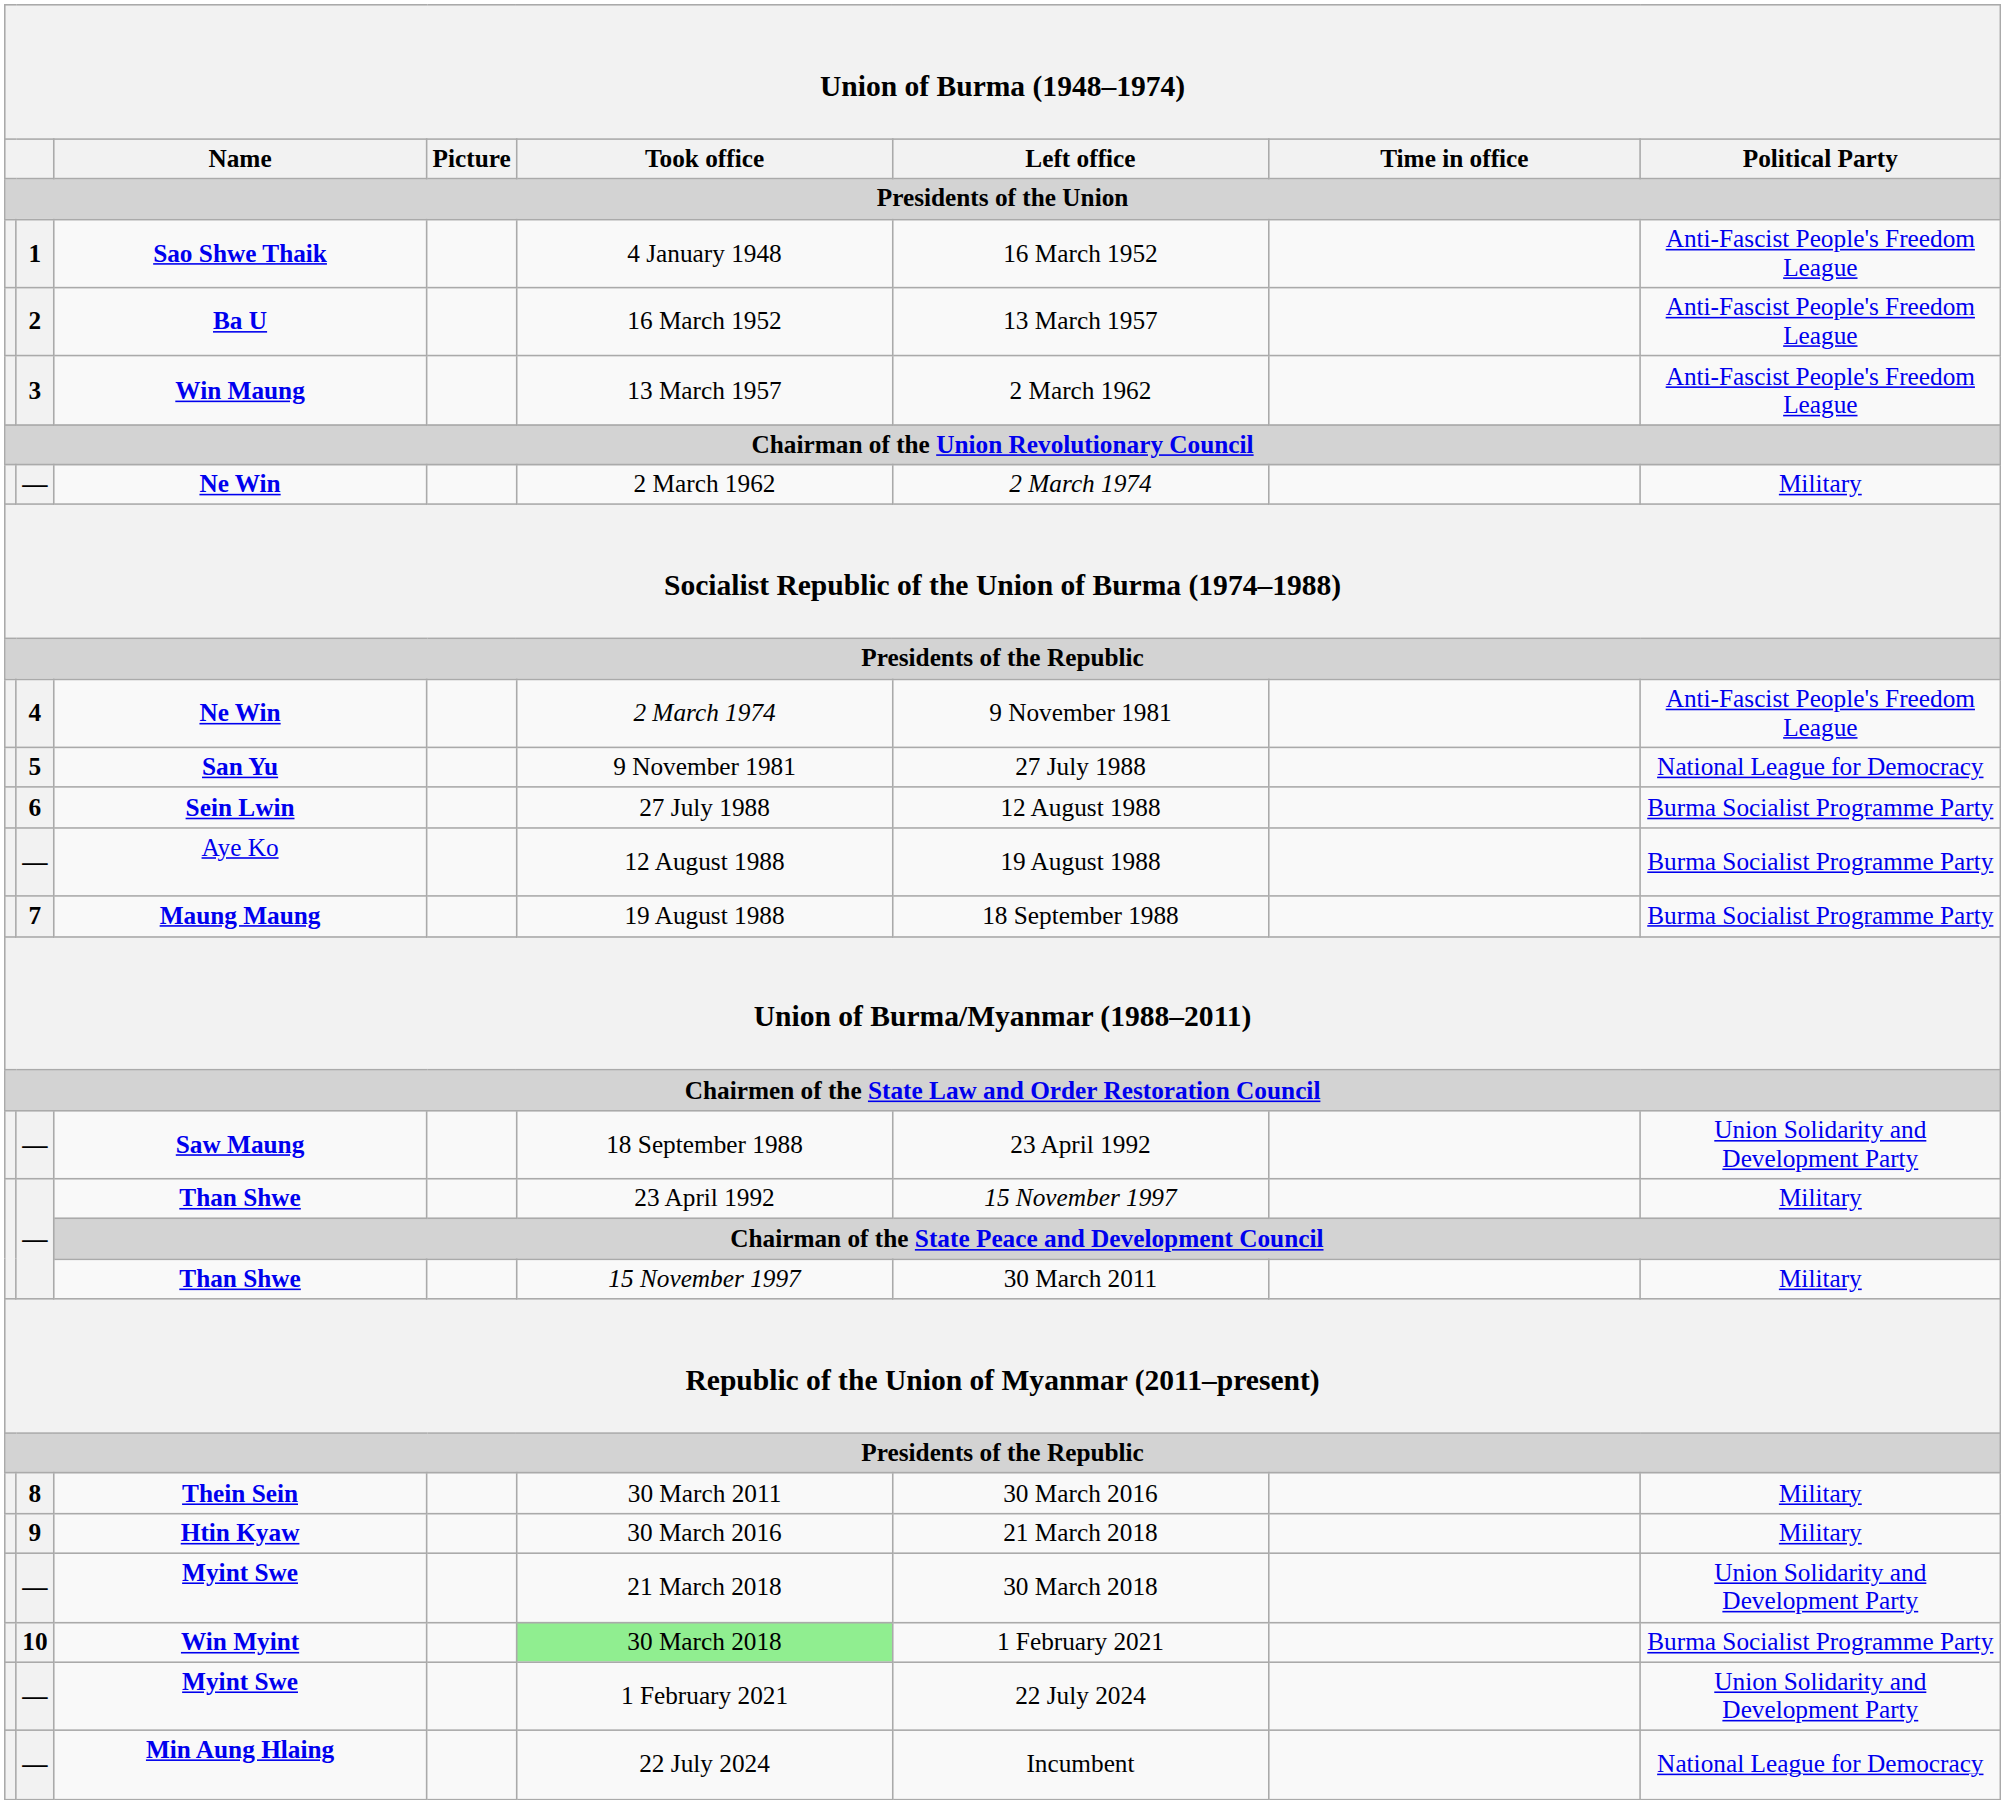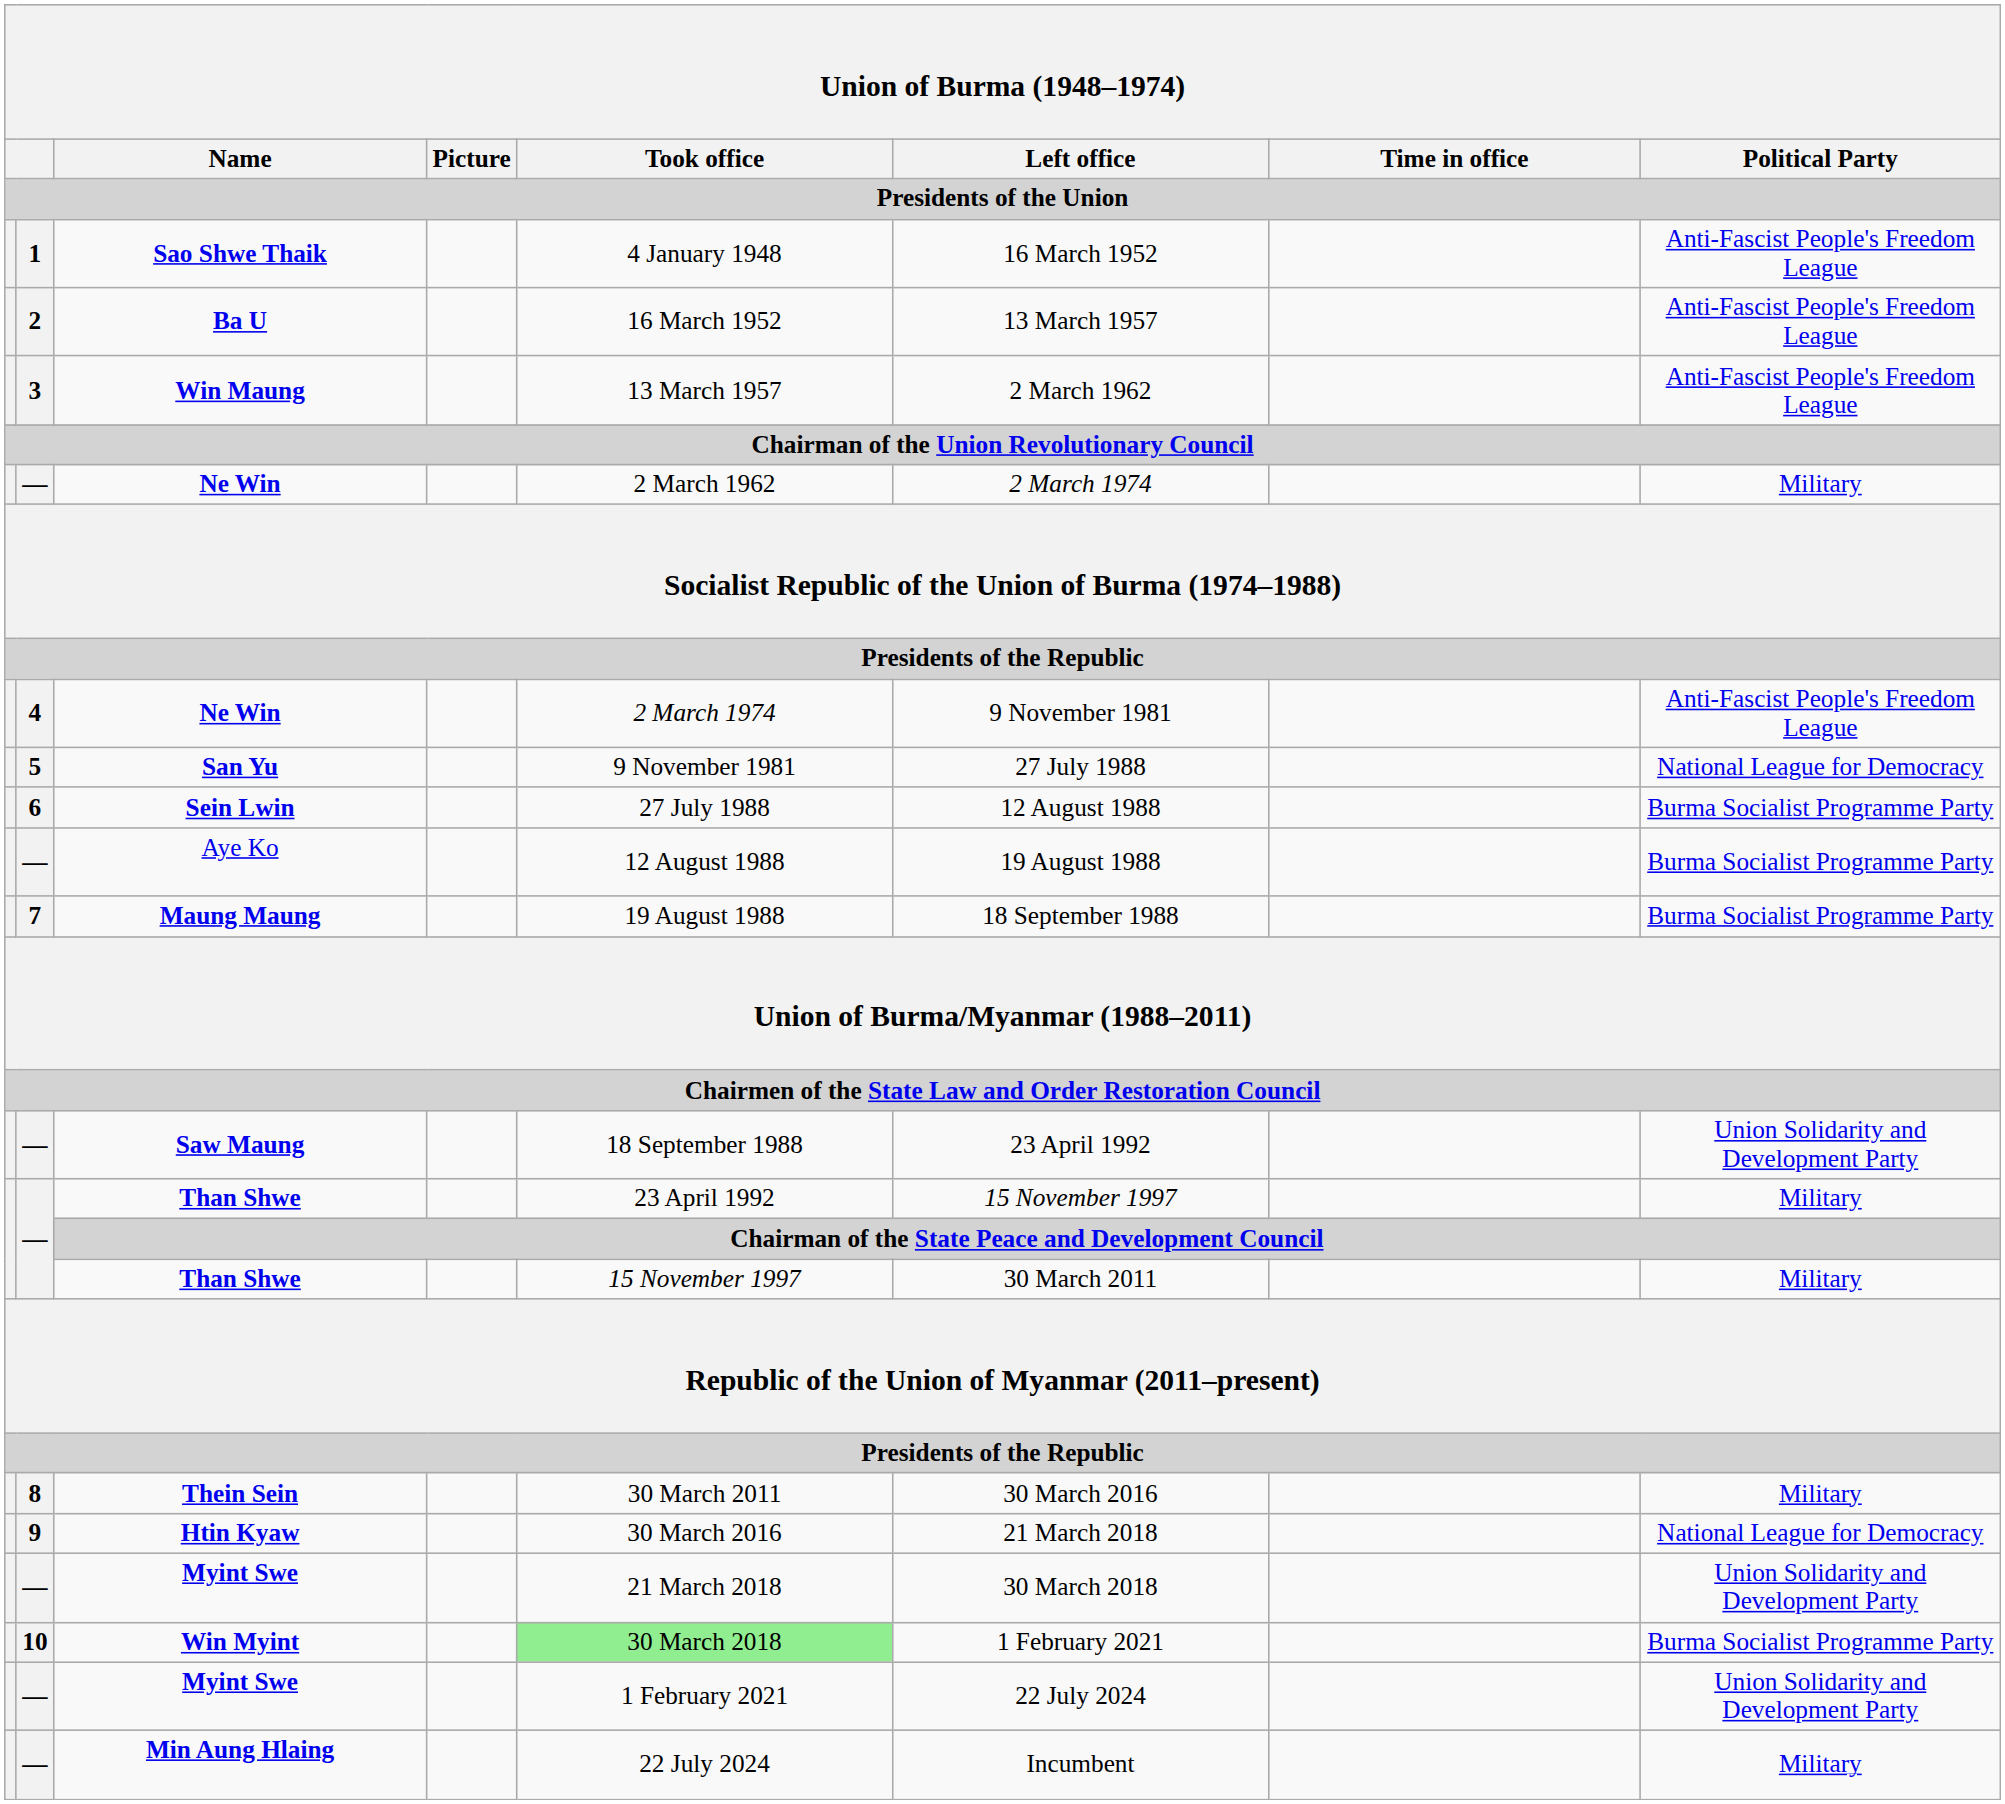 <table class="wikitable" width="100%">
 <tr>
 <th colspan=8><br><h3>Union of Burma (1948–1974)</h3></th>
 </tr>
 <tr>
 <th colspan="2" width="1%"></th>
 <th width="20%">Name<br></th>
 <th width="100px">Picture</th>
 <th width="20%">Took office</th>
 <th width="20%">Left office</th>
 <th width="20%">Time in office</th>
 <th width="20%">Political Party</th>
 </tr>
 <tr>
 <td colspan="8" bgcolor="lightgrey" align=center><strong>Presidents of the Union</strong></td>
 </tr>
 <tr>
 <th style="background:"></th>
 <th style="text-align:center;">1</th>
 <td align=center><strong><a href='#'>Sao Shwe Thaik</a></strong><br></td>
 <td align=center></td>
 <td align=center>4 January 1948</td>
 <td align=center>16 March 1952</td>
 <td align=center></td>
 <td align=center><a href='#'>Anti-Fascist People's Freedom League</a></td>
 </tr>
 <tr>
 <th style="background:"></th>
 <th style="text-align:center;">2</th>
 <td align=center><strong><a href='#'>Ba U</a></strong><br></td>
 <td align=center></td>
 <td align=center>16 March 1952</td>
 <td align=center>13 March 1957</td>
 <td align=center></td>
 <td align=center><a href='#'>Anti-Fascist People's Freedom League</a></td>
 </tr>
 <tr>
 <th style="background:"></th>
 <th style="text-align:center;">3</th>
 <td align=center><strong><a href='#'>Win Maung</a></strong><br></td>
 <td align=center></td>
 <td align=center>13 March 1957</td>
 <td align=center>2 March 1962</td>
 <td align=center></td>
 <td align=center><a href='#'>Anti-Fascist People's Freedom League</a></td>
 </tr>
 <tr>
 <td colspan="8" bgcolor="lightgrey" align=center><strong>Chairman of the <a href='#'>Union Revolutionary Council</a></strong></td>
 </tr>
 <tr>
 <th style="background:"></th>
 <th style="text-align:center;">—</th>
 <td align=center><strong><a href='#'>Ne Win</a></strong><br></td>
 <td align=center></td>
 <td align=center>2 March 1962</td>
 <td align=center><em>2 March 1974</em></td>
 <td align=center></td>
 <td align=center><a href='#'>Military</a></td>
 </tr>
 <tr>
 <th colspan=8><br><h3>Socialist Republic of the Union of Burma (1974–1988)</h3></th>
 </tr>
 <tr>
 <td colspan="8" bgcolor="lightgrey" align=center><strong>Presidents of the Republic</strong></td>
 </tr>
 <tr>
 <th style="background:"></th>
 <th style="text-align:center;">4</th>
 <td align=center><strong><a href='#'>Ne Win</a></strong><br></td>
 <td align=center></td>
 <td align=center><em>2 March 1974</em></td>
 <td align=center>9 November 1981</td>
 <td align=center></td>
 <td align=center><a href='#'>Anti-Fascist People's Freedom League</a></td>
 </tr>
 <tr>
 <th style="background:"></th>
 <th style="text-align:center;">5</th>
 <td align=center><strong><a href='#'>San Yu</a></strong><br></td>
 <td align=center></td>
 <td align=center>9 November 1981</td>
 <td align=center>27 July 1988</td>
 <td align=center></td>
 <td align=center><a href='#'>National League for Democracy</a></td>
 </tr>
 <tr>
 <th style="background:"></th>
 <th style="text-align:center;">6</th>
 <td align=center><strong><a href='#'>Sein Lwin</a></strong><br></td>
 <td align=center></td>
 <td align=center>27 July 1988</td>
 <td align=center>12 August 1988</td>
 <td align=center></td>
 <td align=center><a href='#'>Burma Socialist Programme Party</a></td>
 </tr>
 <tr>
 <th style="background:"></th>
 <th style="text-align:center;">—</th>
 <td align=center><a href='#'>Aye Ko</a><br><br></td>
 <td align=center></td>
 <td align=center>12 August 1988</td>
 <td align=center>19 August 1988</td>
 <td align=center></td>
 <td align=center><a href='#'>Burma Socialist Programme Party</a></td>
 </tr>
 <tr>
 <th style="background:"></th>
 <th style="text-align:center;">7</th>
 <td align=center><strong><a href='#'>Maung Maung</a></strong><br></td>
 <td align=center></td>
 <td align=center>19 August 1988</td>
 <td align=center>18 September 1988</td>
 <td align=center></td>
 <td align=center><a href='#'>Burma Socialist Programme Party</a></td>
 </tr>
 <tr>
 <th colspan=8><br><h3>Union of Burma/Myanmar (1988–2011)</h3></th>
 </tr>
 <tr>
 <td colspan="8" bgcolor="lightgrey" align=center><strong>Chairmen of the <a href='#'>State Law and Order Restoration Council</a></strong></td>
 </tr>
 <tr>
 <th style="background:"></th>
 <th style="text-align:center;">—</th>
 <td align=center><strong><a href='#'>Saw Maung</a></strong><br></td>
 <td align=center></td>
 <td align=center>18 September 1988</td>
 <td align=center>23 April 1992</td>
 <td align=center></td>
 <td align=center><a href='#'>Union Solidarity and Development Party</a></td>
 </tr>
 <tr>
 <th rowspan="3" style="background:"></th>
 <th rowspan="3" style="text-align:center;">—</th>
 <td align=center><strong><a href='#'>Than Shwe</a></strong><br></td>
 <td align=center></td>
 <td align=center>23 April 1992</td>
 <td align=center><em>15 November 1997</em></td>
 <td align=center></td>
 <td align=center><a href='#'>Military</a></td>
 </tr>
 <tr>
 <td colspan="8" bgcolor="lightgrey" align=center><strong>Chairman of the <a href='#'>State Peace and Development Council</a></strong></td>
 </tr>
 <tr>
 <td align=center><strong><a href='#'>Than Shwe</a></strong><br></td>
 <td align=center></td>
 <td align=center><em>15 November 1997</em></td>
 <td align=center>30 March 2011</td>
 <td align=center></td>
 <td align=center><a href='#'>Military</a></td>
 </tr>
 <tr>
 <th colspan=8><br><h3>Republic of the Union of Myanmar (2011–present)</h3></th>
 </tr>
 <tr>
 <td colspan="8" bgcolor="lightgrey" align=center><strong>Presidents of the Republic</strong></td>
 </tr>
 <tr>
 <th style="background:"></th>
 <th style="text-align:center;">8</th>
 <td align=center><strong><a href='#'>Thein Sein</a></strong><br></td>
 <td align=center></td>
 <td align=center>30 March 2011</td>
 <td align=center>30 March 2016</td>
 <td align=center></td>
 <td align=center><a href='#'>Military</a></td>
 </tr>
 <tr>
 <th style="background:"></th>
 <th style="text-align:center;">9</th>
 <td align=center><strong><a href='#'>Htin Kyaw</a></strong><br></td>
 <td align=center></td>
 <td align=center>30 March 2016</td>
 <td align=center>21 March 2018</td>
 <td align=center></td>
-<td align=center><a href='#'>Military</a></td>
+<td align=center><a href='#'>National League for Democracy</a></td>
 </tr>
 <tr>
 <th style="background:"></th>
 <th style="text-align:center;">—</th>
 <td align=center><strong><a href='#'>Myint Swe</a></strong><br><br></td>
 <td align=center></td>
 <td align=center>21 March 2018</td>
 <td align=center>30 March 2018</td>
 <td align=center></td>
 <td align=center><a href='#'>Union Solidarity and Development Party</a></td>
 </tr>
 <tr>
 <th style="background:"></th>
 <th style="text-align:center;">10</th>
 <td align=center><strong><a href='#'>Win Myint</a></strong><br></td>
 <td align=center></td>
 <td align=center style="background: lightgreen;">30 March 2018</td>
 <td align=center>1 February 2021</td>
 <td align=center></td>
 <td align=center><a href='#'>Burma Socialist Programme Party</a></td>
 </tr>
 <tr>
 <th style="background:"></th>
 <th style="text-align:center;">—</th>
 <td align=center><strong><a href='#'>Myint Swe</a></strong><br><br></td>
 <td align=center></td>
 <td align=center>1 February 2021</td>
 <td align=center>22 July 2024</td>
 <td align=center></td>
 <td align=center><a href='#'>Union Solidarity and Development Party</a></td>
 </tr>
 <tr>
 <th style="background:"></th>
 <th style="text-align:center;">—</th>
 <td align=center><strong><a href='#'>Min Aung Hlaing</a></strong><br><br></td>
 <td align=center></td>
 <td align=center>22 July 2024</td>
 <td align=center>Incumbent</td>
 <td align=center></td>
-<td align=center><a href='#'>National League for Democracy</a></td>
+<td align=center><a href='#'>Military</a></td>
 </tr>
 </table>
